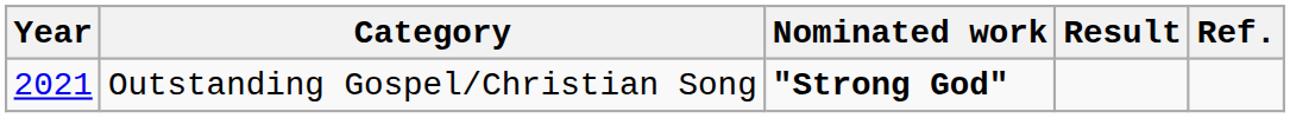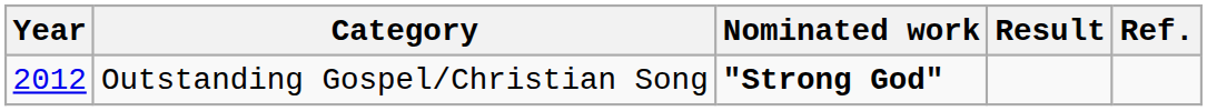 <table class="wikitable sortable">
 <tr>
 <th>Year</th>
 <th>Category</th>
 <th>Nominated work</th>
 <th>Result</th>
 <th class="unsortable">Ref.</th>
 </tr>
 <tr>
-<td><a href='#'>2021</a></td>
+<td><a href='#'>2012</a></td>
 <td>Outstanding Gospel/Christian Song</td>
 <td><strong>"Strong God"</strong></td>
 <td></td>
 <td></td>
 </tr>
 </table>
